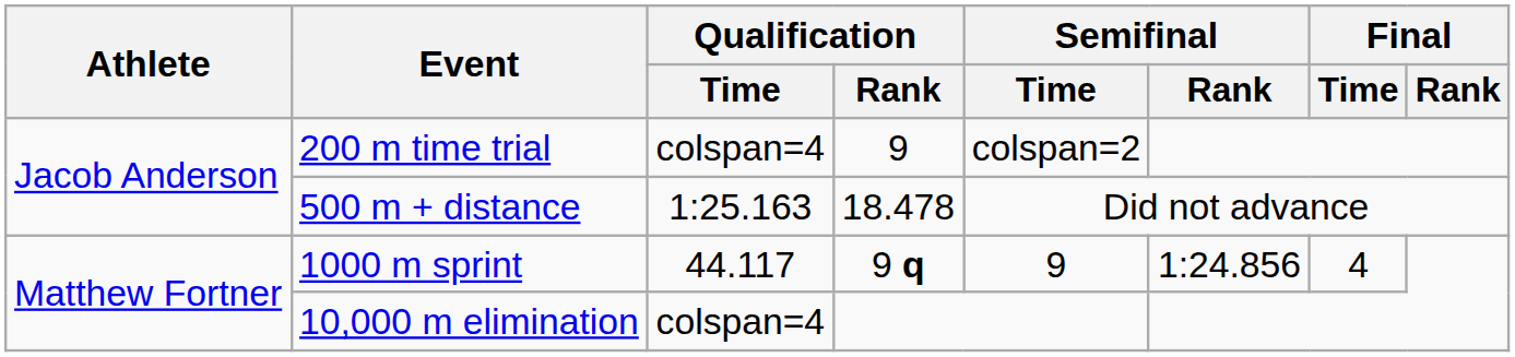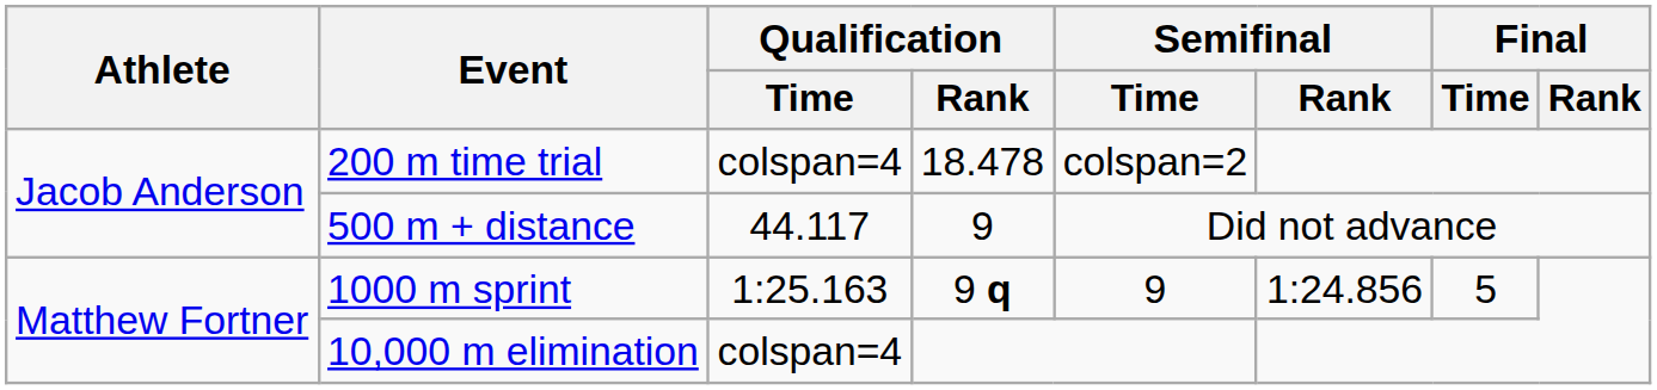 <table class=wikitable style=font-size:90%;text-align:center>
 <tr>
 <th rowspan=2>Athlete</th>
 <th rowspan=2>Event</th>
 <th colspan=2>Qualification</th>
 <th colspan=2>Semifinal</th>
 <th colspan=2>Final</th>
 </tr>
 <tr style=font-size:95%>
 <th>Time</th>
 <th>Rank</th>
 <th>Time</th>
 <th>Rank</th>
 <th>Time</th>
 <th>Rank</th>
 </tr>
 <tr>
 <td rowspan=2 align=left><a href='#'>Jacob Anderson</a></td>
 <td align=left><a href='#'>200 m time trial</a></td>
 <td>colspan=4 </td>
-<td>9</td>
+<td>18.478</td>
 <td>colspan=2 </td>
 </tr>
 <tr>
 <td align=left><a href='#'>500 m + distance</a></td>
-<td>1:25.163</td>
-<td>18.478</td>
+<td>44.117</td>
+<td>9</td>
 <td colspan=4>Did not advance</td>
 </tr>
 <tr>
 <td rowspan=2 align=left><a href='#'>Matthew Fortner</a></td>
 <td align=left><a href='#'>1000 m sprint</a></td>
-<td>44.117</td>
+<td>1:25.163</td>
 <td>9 <strong>q</strong></td>
 <td>9</td>
 <td>1:24.856</td>
-<td>4</td>
+<td>5</td>
 </tr>
 <tr>
 <td align=left><a href='#'>10,000 m elimination</a></td>
 <td>colspan=4 </td>
 <td colspan=2></td>
 </tr>
 </table>
